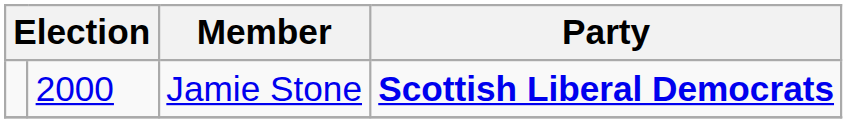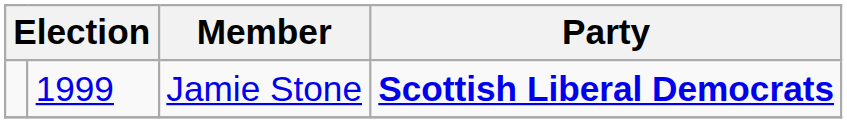 <table class="wikitable">
 <tr>
 <th colspan="2">Election</th>
 <th>Member</th>
 <th>Party</th>
 </tr>
 <tr>
 <td style="background-color: "></td>
-<td><a href='#'>2000</a></td>
+<td><a href='#'>1999</a></td>
 <td><a href='#'>Jamie Stone</a></td>
 <td><strong><a href='#'>Scottish Liberal Democrats</a></strong></td>
 </tr>
 <tr>
 </tr>
 </table>
